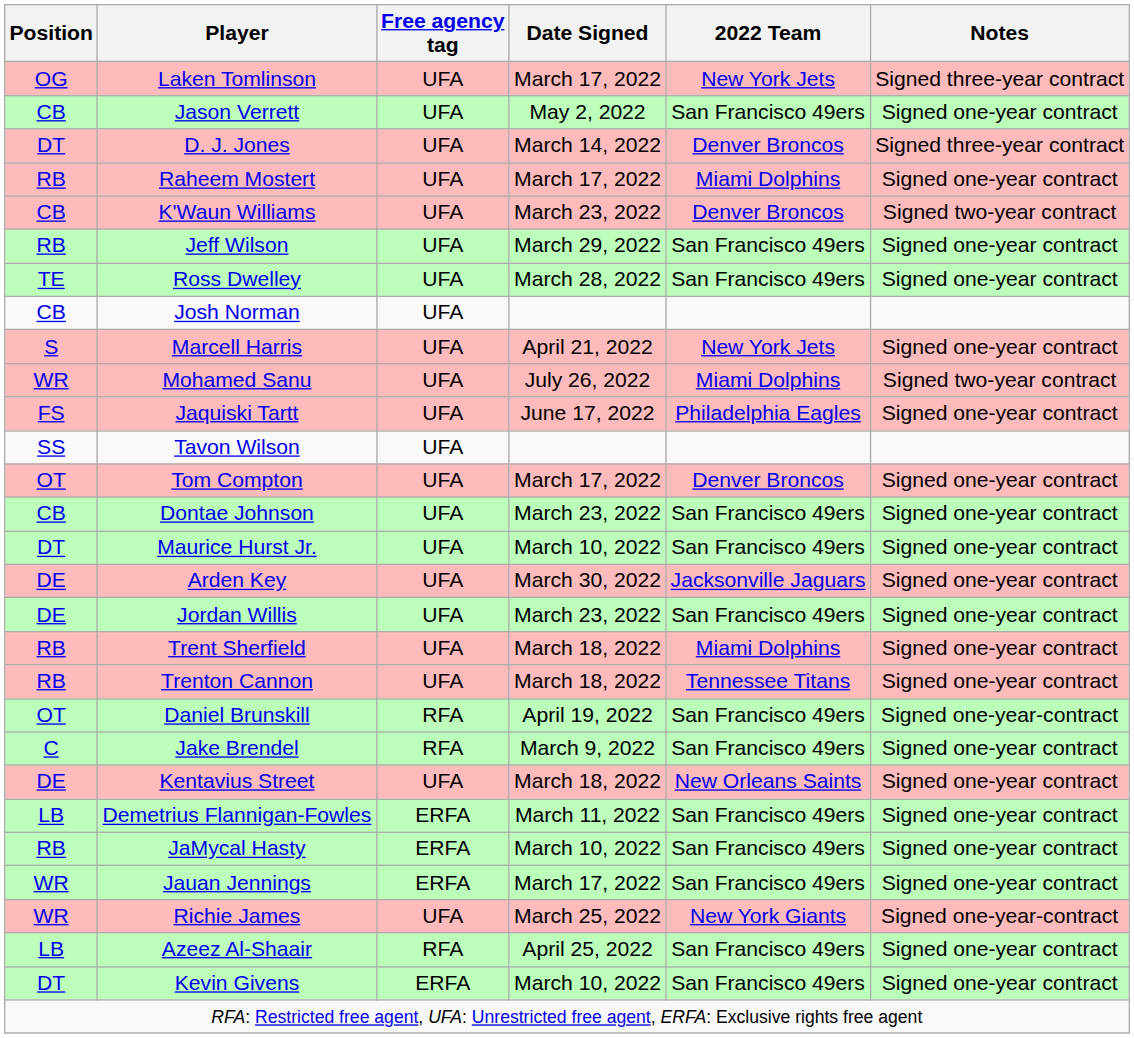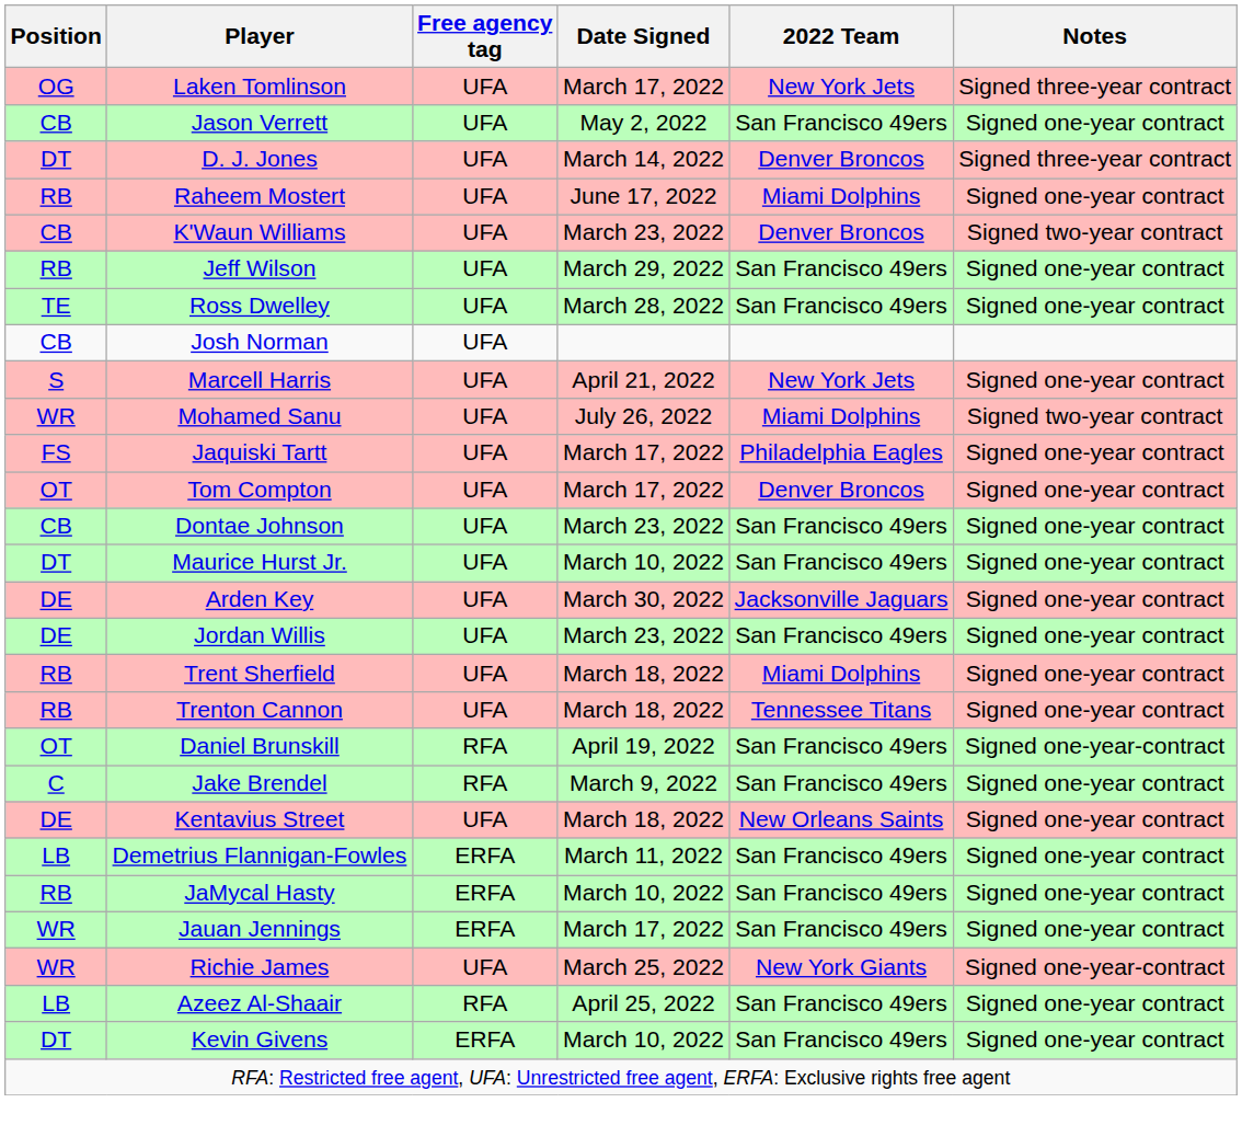 <table class="sortable wikitable" style="text-align:center">
 <tr>
 <th>Position</th>
 <th>Player</th>
 <th><a href='#'><span>Free agency</span></a><br>tag</th>
 <th>Date Signed</th>
 <th>2022 Team</th>
 <th>Notes</th>
 </tr>
 <tr style="background: #fbb">
 <td><a href='#'>OG</a></td>
 <td><a href='#'>Laken Tomlinson</a></td>
 <td>UFA</td>
 <td>March 17, 2022</td>
 <td><a href='#'>New York Jets</a></td>
 <td>Signed three-year contract</td>
 </tr>
 <tr style="background: #bfb">
 <td><a href='#'>CB</a></td>
 <td><a href='#'>Jason Verrett</a></td>
 <td>UFA</td>
 <td>May 2, 2022</td>
 <td>San Francisco 49ers</td>
 <td>Signed one-year contract</td>
 </tr>
 <tr style="background: #fbb">
 <td><a href='#'>DT</a></td>
 <td><a href='#'>D. J. Jones</a></td>
 <td>UFA</td>
 <td>March 14, 2022</td>
 <td><a href='#'>Denver Broncos</a></td>
 <td>Signed three-year contract</td>
 </tr>
 <tr style="background: #fbb">
 <td><a href='#'>RB</a></td>
 <td><a href='#'>Raheem Mostert</a></td>
 <td>UFA</td>
-<td>March 17, 2022</td>
+<td>June 17, 2022</td>
 <td><a href='#'>Miami Dolphins</a></td>
 <td>Signed one-year contract</td>
 </tr>
 <tr style="background: #fbb">
 <td><a href='#'>CB</a></td>
 <td><a href='#'>K'Waun Williams</a></td>
 <td>UFA</td>
 <td>March 23, 2022</td>
 <td><a href='#'>Denver Broncos</a></td>
 <td>Signed two-year contract</td>
 </tr>
 <tr style="background: #bfb">
 <td><a href='#'>RB</a></td>
 <td><a href='#'>Jeff Wilson</a></td>
 <td>UFA</td>
 <td>March 29, 2022</td>
 <td>San Francisco 49ers</td>
 <td>Signed one-year contract</td>
 </tr>
 <tr style="background: #bfb">
 <td><a href='#'>TE</a></td>
 <td><a href='#'>Ross Dwelley</a></td>
 <td>UFA</td>
 <td>March 28, 2022</td>
 <td>San Francisco 49ers</td>
 <td>Signed one-year contract</td>
 </tr>
 <tr style="background:">
 <td><a href='#'>CB</a></td>
 <td><a href='#'>Josh Norman</a></td>
 <td>UFA</td>
 <td></td>
 <td></td>
 <td></td>
 </tr>
 <tr style="background: #fbb">
 <td><a href='#'>S</a></td>
 <td><a href='#'>Marcell Harris</a></td>
 <td>UFA</td>
 <td>April 21, 2022</td>
 <td><a href='#'>New York Jets</a></td>
 <td>Signed one-year contract</td>
 </tr>
 <tr style="background: #fbb">
 <td><a href='#'>WR</a></td>
 <td><a href='#'>Mohamed Sanu</a></td>
 <td>UFA</td>
 <td>July 26, 2022</td>
 <td><a href='#'>Miami Dolphins</a></td>
 <td>Signed two-year contract</td>
 </tr>
 <tr style="background: #fbb">
 <td><a href='#'>FS</a></td>
 <td><a href='#'>Jaquiski Tartt</a></td>
 <td>UFA</td>
-<td>June 17, 2022</td>
+<td>March 17, 2022</td>
 <td><a href='#'>Philadelphia Eagles</a></td>
 <td>Signed one-year contract</td>
-</tr>
-<tr style="background:">
-<td><a href='#'>SS</a></td>
-<td><a href='#'>Tavon Wilson</a></td>
-<td>UFA</td>
-<td></td>
-<td></td>
-<td></td>
 </tr>
 <tr style="background: #fbb">
 <td><a href='#'>OT</a></td>
 <td><a href='#'>Tom Compton</a></td>
 <td>UFA</td>
 <td>March 17, 2022</td>
 <td><a href='#'>Denver Broncos</a></td>
 <td>Signed one-year contract</td>
 </tr>
 <tr style="background: #bfb">
 <td><a href='#'>CB</a></td>
 <td><a href='#'>Dontae Johnson</a></td>
 <td>UFA</td>
 <td>March 23, 2022</td>
 <td>San Francisco 49ers</td>
 <td>Signed one-year contract</td>
 </tr>
 <tr style="background: #bfb">
 <td><a href='#'>DT</a></td>
 <td><a href='#'>Maurice Hurst Jr.</a></td>
 <td>UFA</td>
 <td>March 10, 2022</td>
 <td>San Francisco 49ers</td>
 <td>Signed one-year contract</td>
 </tr>
 <tr style="background: #fbb">
 <td><a href='#'>DE</a></td>
 <td><a href='#'>Arden Key</a></td>
 <td>UFA</td>
 <td>March 30, 2022</td>
 <td><a href='#'>Jacksonville Jaguars</a></td>
 <td>Signed one-year contract</td>
 </tr>
 <tr style="background:#bfb">
 <td><a href='#'>DE</a></td>
 <td><a href='#'>Jordan Willis</a></td>
 <td>UFA</td>
 <td>March 23, 2022</td>
 <td>San Francisco 49ers</td>
 <td>Signed one-year contract</td>
 </tr>
 <tr style="background: #fbb">
 <td><a href='#'>RB</a></td>
 <td><a href='#'>Trent Sherfield</a></td>
 <td>UFA</td>
 <td>March 18, 2022</td>
 <td><a href='#'>Miami Dolphins</a></td>
 <td>Signed one-year contract</td>
 </tr>
 <tr style="background: #fbb">
 <td><a href='#'>RB</a></td>
 <td><a href='#'>Trenton Cannon</a></td>
 <td>UFA</td>
 <td>March 18, 2022</td>
 <td><a href='#'>Tennessee Titans</a></td>
 <td>Signed one-year contract</td>
 </tr>
 <tr style="background:#bfb">
 <td><a href='#'>OT</a></td>
 <td><a href='#'>Daniel Brunskill</a></td>
 <td>RFA</td>
 <td>April 19, 2022</td>
 <td>San Francisco 49ers</td>
 <td>Signed one-year-contract</td>
 </tr>
 <tr style="background:#bfb">
 <td><a href='#'>C</a></td>
 <td><a href='#'>Jake Brendel</a></td>
 <td>RFA</td>
 <td>March 9, 2022</td>
 <td>San Francisco 49ers</td>
 <td>Signed one-year contract</td>
 </tr>
 <tr style="background: #fbb">
 <td><a href='#'>DE</a></td>
 <td><a href='#'>Kentavius Street</a></td>
 <td>UFA</td>
 <td>March 18, 2022</td>
 <td><a href='#'>New Orleans Saints</a></td>
 <td>Signed one-year contract</td>
 </tr>
 <tr style="background: #bfb">
 <td><a href='#'>LB</a></td>
 <td><a href='#'>Demetrius Flannigan-Fowles</a></td>
 <td>ERFA</td>
 <td>March 11, 2022</td>
 <td>San Francisco 49ers</td>
 <td>Signed one-year contract</td>
 </tr>
 <tr style="background:#bfb">
 <td><a href='#'>RB</a></td>
 <td><a href='#'>JaMycal Hasty</a></td>
 <td>ERFA</td>
 <td>March 10, 2022</td>
 <td>San Francisco 49ers</td>
 <td>Signed one-year contract</td>
 </tr>
 <tr style="background:#bfb">
 <td><a href='#'>WR</a></td>
 <td><a href='#'>Jauan Jennings</a></td>
 <td>ERFA</td>
 <td>March 17, 2022</td>
 <td>San Francisco 49ers</td>
 <td>Signed one-year contract</td>
 </tr>
 <tr style="background: #fbb">
 <td><a href='#'>WR</a></td>
 <td><a href='#'>Richie James</a></td>
 <td>UFA</td>
 <td>March 25, 2022</td>
 <td><a href='#'>New York Giants</a></td>
 <td>Signed one-year-contract</td>
 </tr>
 <tr style="background:#bfb">
 <td><a href='#'>LB</a></td>
 <td><a href='#'>Azeez Al-Shaair</a></td>
 <td>RFA</td>
 <td>April 25, 2022</td>
 <td>San Francisco 49ers</td>
 <td>Signed one-year contract</td>
 </tr>
 <tr style="background:#bfb">
 <td><a href='#'>DT</a></td>
 <td><a href='#'>Kevin Givens</a></td>
 <td>ERFA</td>
 <td>March 10, 2022</td>
 <td>San Francisco 49ers</td>
 <td>Signed one-year contract</td>
 </tr>
 <tr>
 <td colspan="6"><small><em>RFA</em>: <a href='#'>Restricted free agent</a>, <em>UFA</em>: <a href='#'>Unrestricted free agent</a>, <em>ERFA</em>: Exclusive rights free agent</small><br></td>
 </tr>
 </table>
